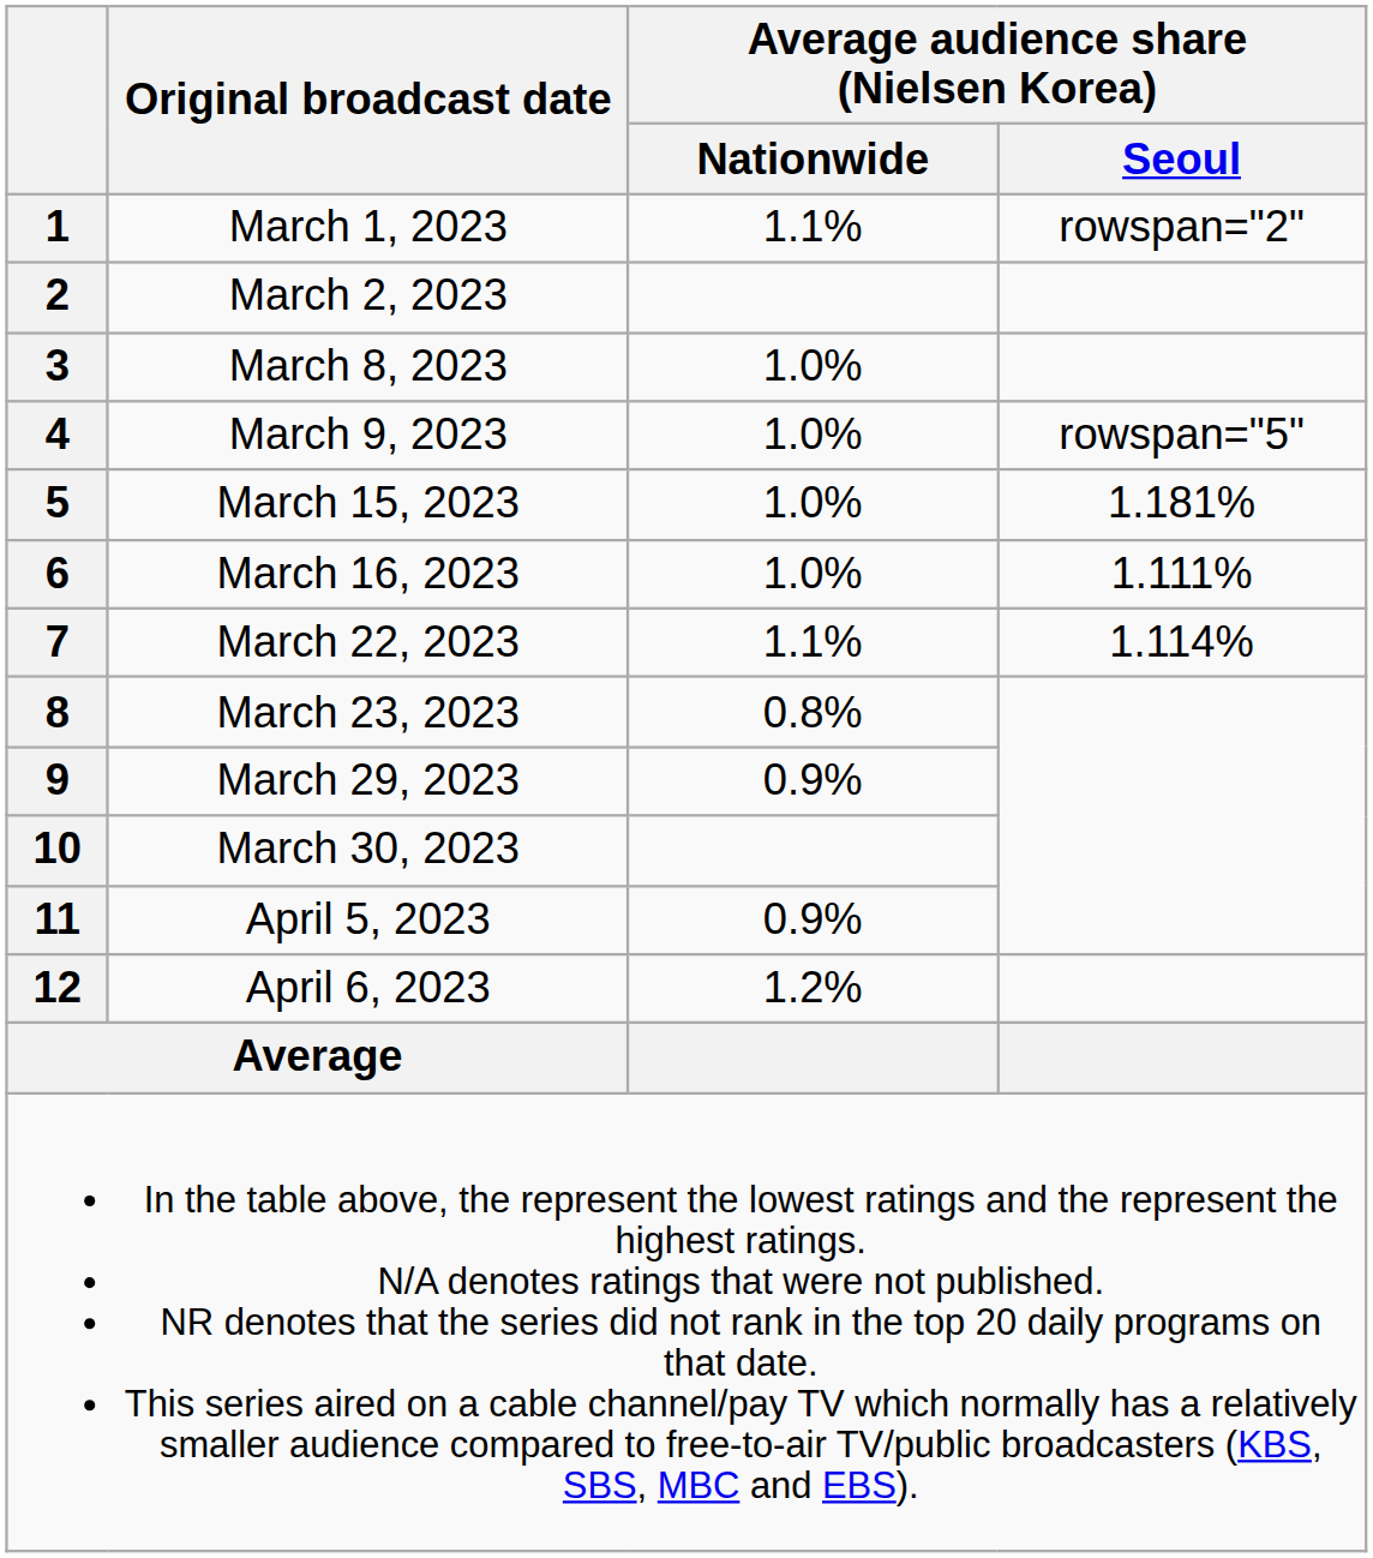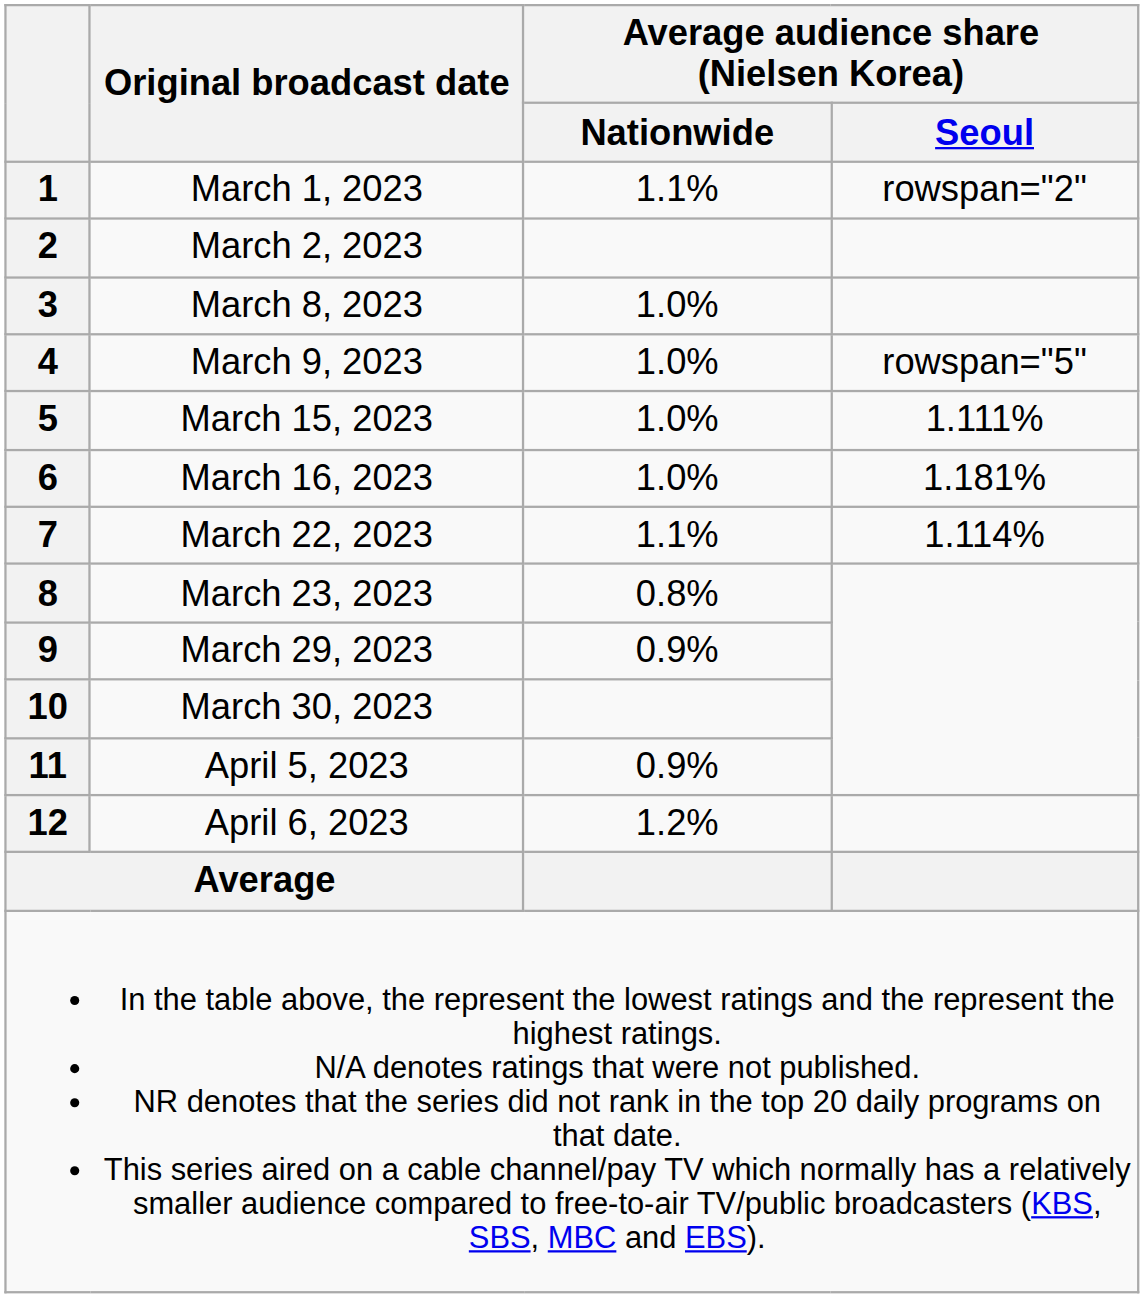 <table class="wikitable" style="margin-left:auto; margin-right:auto; width:500px; text-align:center">
 <tr>
 <th scope="col" rowspan="2"></th>
 <th scope="col" rowspan="2">Original broadcast date</th>
 <th scope="col" colspan="2">Average audience share<br>(Nielsen Korea)</th>
 </tr>
 <tr>
 <th scope="col" style="width:8em">Nationwide</th>
 <th scope="col" style="width:8em"><a href='#'>Seoul</a></th>
 </tr>
 <tr>
 <th scope="row">1</th>
 <td>March 1, 2023</td>
 <td>1.1% </td>
 <td>rowspan="2" </td>
 </tr>
 <tr>
 <th scope="row">2</th>
 <td>March 2, 2023</td>
 <td><strong></strong> </td>
 </tr>
 <tr>
 <th scope="row">3</th>
 <td>March 8, 2023</td>
 <td>1.0% </td>
 <td><strong></strong> </td>
 </tr>
 <tr>
 <th scope="row">4</th>
 <td>March 9, 2023</td>
 <td>1.0% </td>
 <td>rowspan="5" </td>
 </tr>
 <tr>
 <th scope="row">5</th>
 <td>March 15, 2023</td>
 <td>1.0% </td>
-<td>1.181% </td>
+<td>1.111% </td>
 </tr>
 <tr>
 <th scope="row">6</th>
 <td>March 16, 2023</td>
 <td>1.0% </td>
-<td>1.111% </td>
+<td>1.181% </td>
 </tr>
 <tr>
 <th scope="row">7</th>
 <td>March 22, 2023</td>
 <td>1.1% </td>
 <td>1.114% </td>
 </tr>
 <tr>
 <th scope="row">8</th>
 <td>March 23, 2023</td>
 <td>0.8% </td>
 </tr>
 <tr>
 <th scope="row">9</th>
 <td>March 29, 2023</td>
 <td>0.9% </td>
 </tr>
 <tr>
 <th scope="row">10</th>
 <td>March 30, 2023</td>
 <td><strong></strong> </td>
 </tr>
 <tr>
 <th scope="row">11</th>
 <td>April 5, 2023</td>
 <td>0.9% </td>
 </tr>
 <tr>
 <th scope="row">12</th>
 <td>April 6, 2023</td>
 <td>1.2% </td>
 <td><strong></strong> </td>
 </tr>
 <tr>
 <th colspan="2">Average</th>
 <th></th>
 <th></th>
 </tr>
 <tr>
 <td colspan="4" style="font-size:85%"><br><ul><li>In the table above, the <strong></strong> represent the lowest ratings and the <strong></strong> represent the highest ratings.</li><li>N/A denotes ratings that were not published.</li><li>NR denotes that the series did not rank in the top 20 daily programs on that date.</li><li>This series aired on a cable channel/pay TV which normally has a relatively smaller audience compared to free-to-air TV/public broadcasters (<a href='#'>KBS</a>, <a href='#'>SBS</a>, <a href='#'>MBC</a> and <a href='#'>EBS</a>).</li></ul></td>
 </tr>
 </table>
